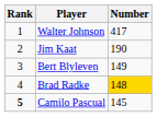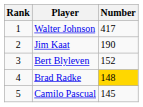 <table class="wikitable" style="font-size: 95%; text-align:left;">
 <tr>
 <th>Rank</th>
 <th>Player</th>
 <th>Number</th>
 </tr>
 <tr>
 <td align="center">1</td>
 <td><a href='#'>Walter Johnson</a></td>
 <td>417</td>
 </tr>
 <tr>
 <td align="center">2</td>
 <td><a href='#'>Jim Kaat</a></td>
 <td>190</td>
 </tr>
 <tr>
 <td align="center">3</td>
 <td><a href='#'>Bert Blyleven</a></td>
-<td>149</td>
+<td>152</td>
 </tr>
 <tr>
 <td align="center">4</td>
 <td><a href='#'>Brad Radke</a></td>
 <td style="background: gold;">148</td>
 </tr>
 <tr>
-<td align="center"><strong>5</strong></td>
+<td align="center">5</td>
 <td><a href='#'>Camilo Pascual</a></td>
 <td>145</td>
 </tr>
 </table>
